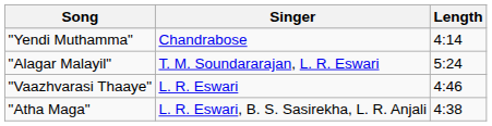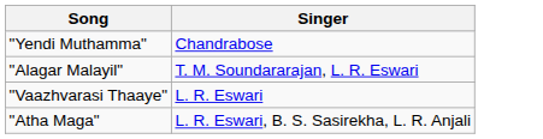 <table class="wikitable" style="border- collapse:collapse; font-size:95%;">
 <tr style="background:#cccccf; text-align:center;">
 <th><strong>Song</strong></th>
 <th>Singer</th>
-<th>Length</th>
 </tr>
 <tr>
 <td>"Yendi Muthamma"</td>
 <td><a href='#'>Chandrabose</a></td>
-<td>4:14</td>
 </tr>
 <tr>
 <td>"Alagar Malayil"</td>
 <td><a href='#'>T. M. Soundararajan</a>, <a href='#'>L. R. Eswari</a></td>
-<td>5:24</td>
 </tr>
 <tr>
 <td>"Vaazhvarasi Thaaye"</td>
 <td><a href='#'>L. R. Eswari</a></td>
-<td>4:46</td>
 </tr>
 <tr>
 <td>"Atha Maga"</td>
 <td><a href='#'>L. R. Eswari</a>, B. S. Sasirekha, L. R. Anjali</td>
-<td>4:38</td>
 </tr>
 </table>
